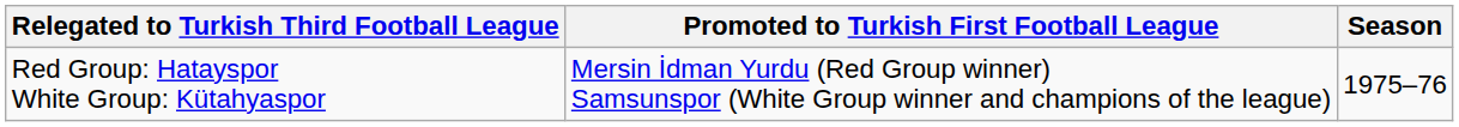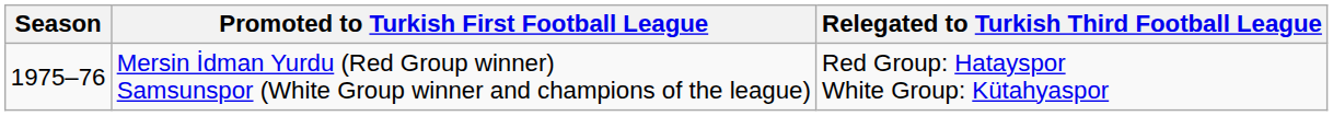 <table class="wikitable">
 <tr>
+<th>Season</th>
+<th>Promoted to <a href='#'>Turkish First Football League</a></th>
 <th>Relegated to <a href='#'>Turkish Third Football League</a></th>
-<th>Promoted to <a href='#'>Turkish First Football League</a></th>
-<th>Season</th>
 </tr>
 <tr>
+<td>1975–76</td>
+<td><a href='#'>Mersin İdman Yurdu</a> (Red Group winner)<br><a href='#'>Samsunspor</a> (White Group winner and champions of the league)</td>
 <td>Red Group: <a href='#'>Hatayspor</a><br>White Group: <a href='#'>Kütahyaspor</a></td>
-<td><a href='#'>Mersin İdman Yurdu</a> (Red Group winner)<br><a href='#'>Samsunspor</a> (White Group winner and champions of the league)</td>
-<td>1975–76</td>
 </tr>
 </table>
